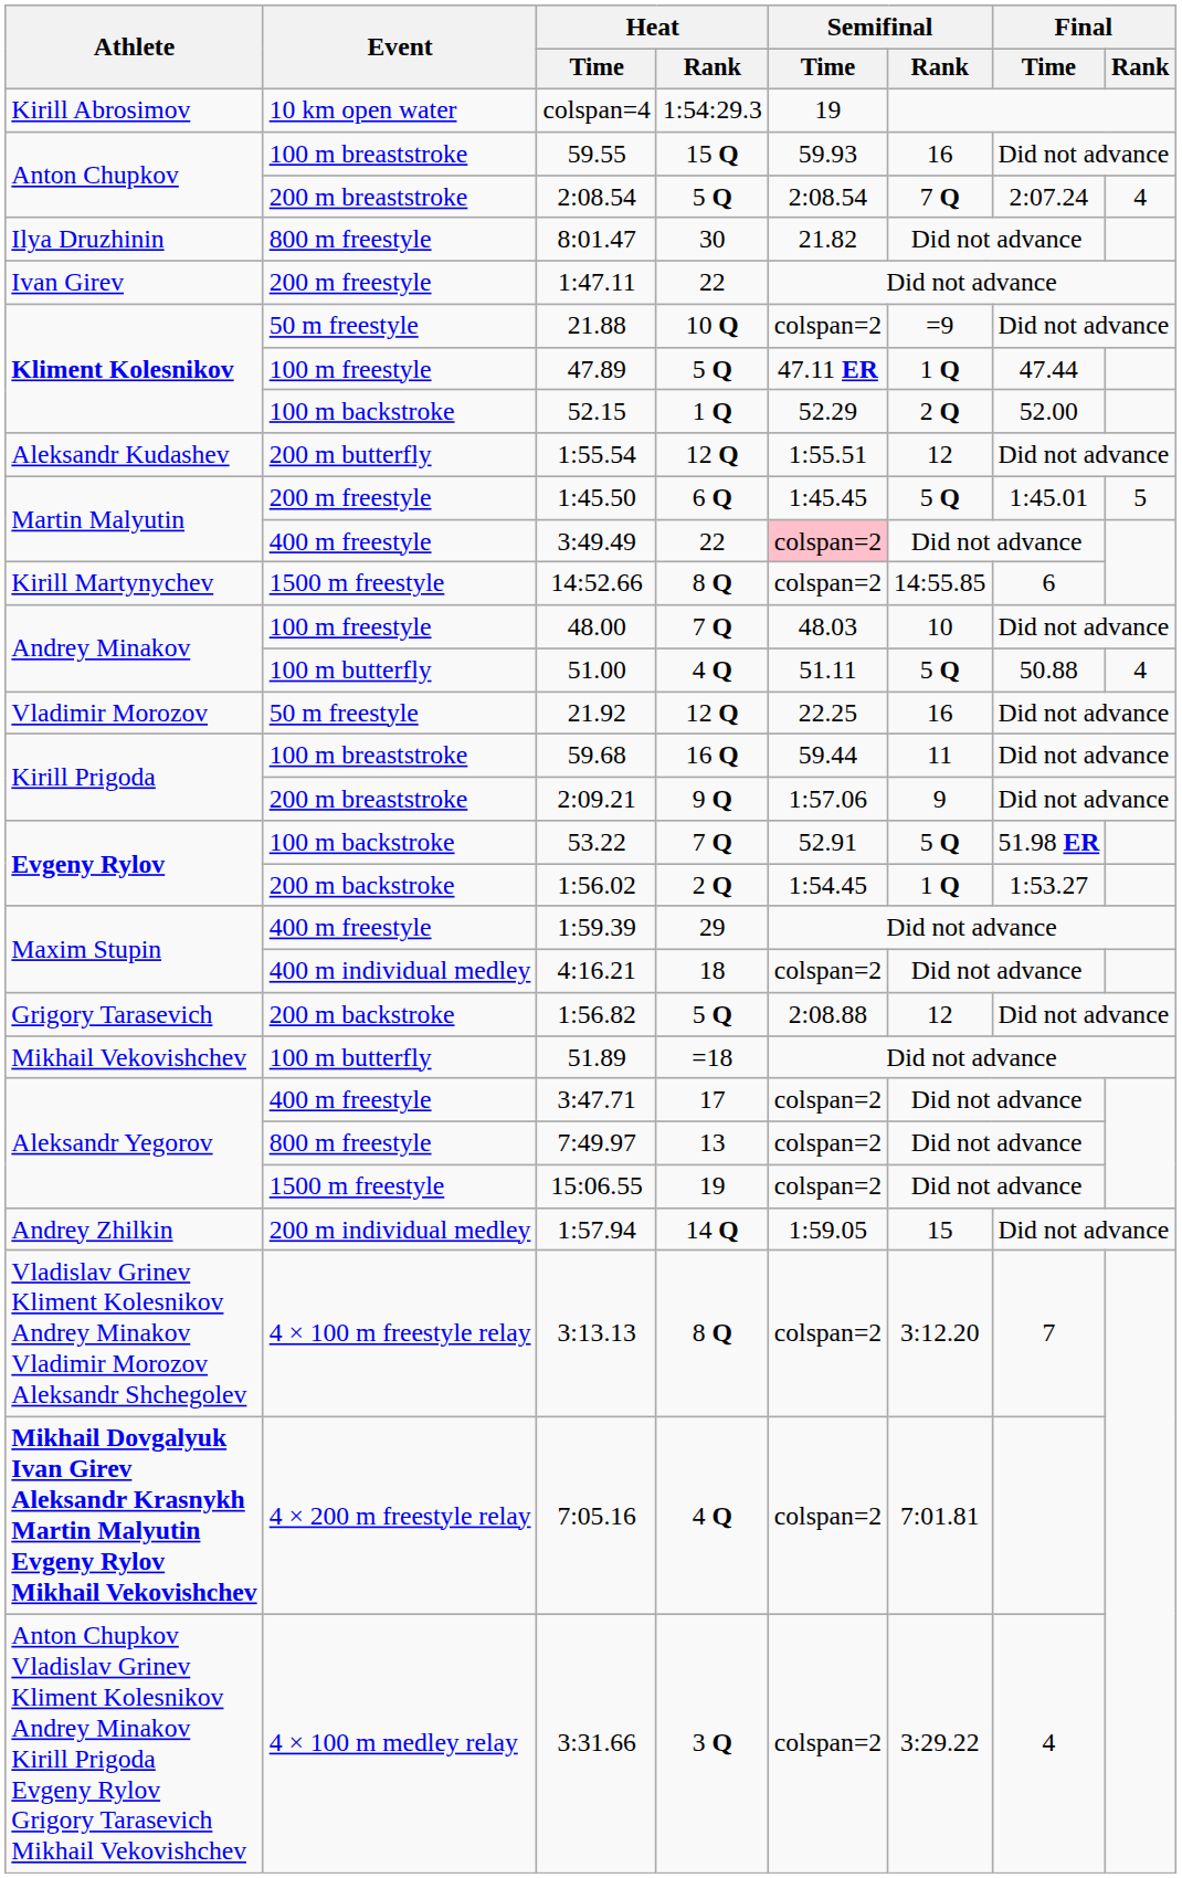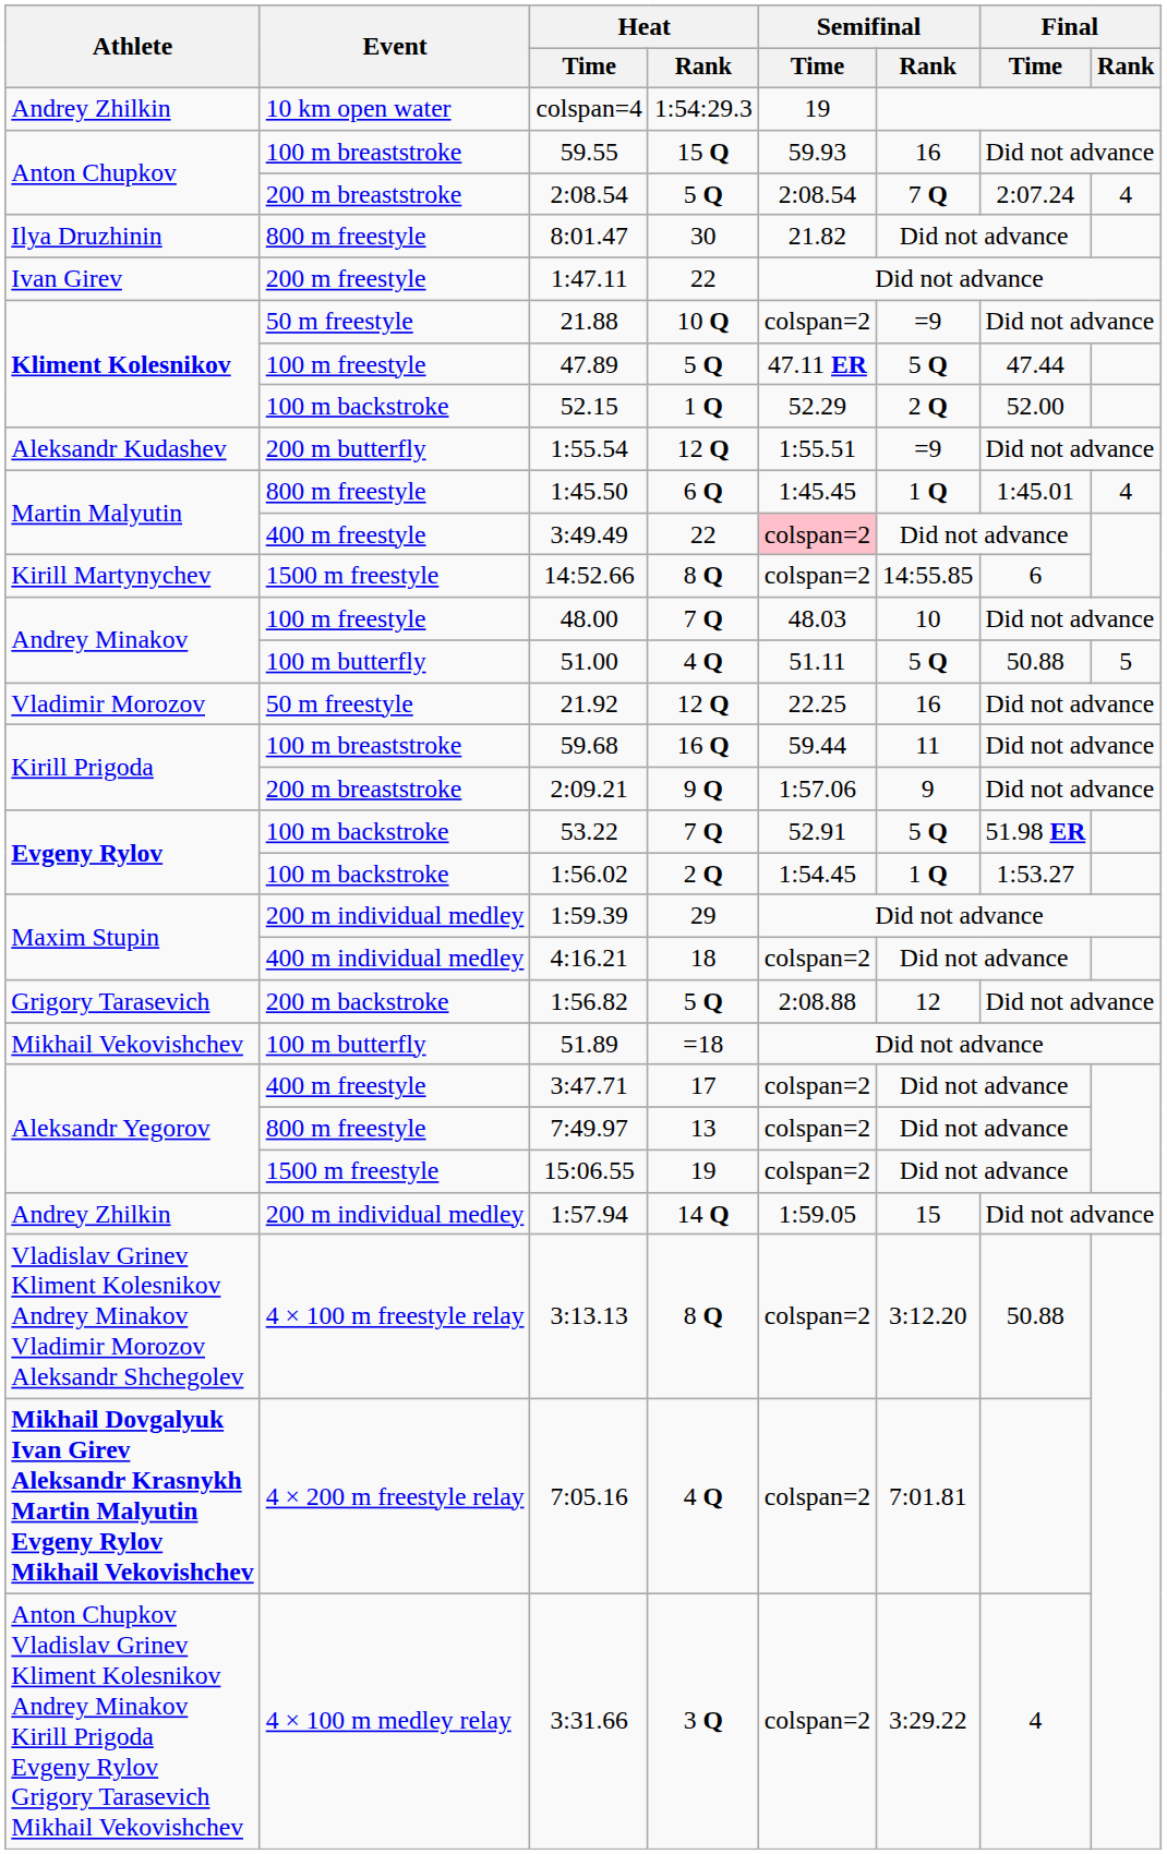 <table class=wikitable style="text-align:center; font-size:90%">
 <tr>
 <th rowspan=2>Athlete</th>
 <th rowspan=2>Event</th>
 <th colspan=2>Heat</th>
 <th colspan=2>Semifinal</th>
 <th colspan=2>Final</th>
 </tr>
 <tr style="font-size:95%">
 <th>Time</th>
 <th>Rank</th>
 <th>Time</th>
 <th>Rank</th>
 <th>Time</th>
 <th>Rank</th>
 </tr>
 <tr>
-<td align=left><a href='#'>Kirill Abrosimov</a></td>
+<td align=left><a href='#'>Andrey Zhilkin</a></td>
 <td align=left><a href='#'>10 km open water</a></td>
 <td>colspan=4 </td>
 <td>1:54:29.3</td>
 <td>19</td>
 </tr>
 <tr>
 <td align=left rowspan=2><a href='#'>Anton Chupkov</a></td>
 <td align=left><a href='#'>100 m breaststroke</a></td>
 <td>59.55</td>
 <td>15 <strong>Q</strong></td>
 <td>59.93</td>
 <td>16</td>
 <td colspan="2">Did not advance</td>
 </tr>
 <tr>
 <td align=left><a href='#'>200 m breaststroke</a></td>
 <td>2:08.54</td>
 <td>5 <strong>Q</strong></td>
 <td>2:08.54</td>
 <td>7 <strong>Q</strong></td>
 <td>2:07.24</td>
 <td>4</td>
 </tr>
 <tr>
 <td align=left><a href='#'>Ilya Druzhinin</a></td>
 <td align=left><a href='#'>800 m freestyle</a></td>
 <td>8:01.47</td>
 <td>30</td>
 <td>21.82</td>
 <td colspan="2">Did not advance</td>
 </tr>
 <tr>
 <td align=left><a href='#'>Ivan Girev</a></td>
 <td align=left><a href='#'>200 m freestyle</a></td>
 <td>1:47.11</td>
 <td>22</td>
 <td colspan="4">Did not advance</td>
 </tr>
 <tr>
 <td align=left rowspan=3><strong><a href='#'>Kliment Kolesnikov</a></strong></td>
 <td align=left><a href='#'>50 m freestyle</a></td>
 <td>21.88</td>
 <td>10 <strong>Q</strong></td>
 <td>colspan=2 </td>
 <td>=9</td>
 <td colspan="2">Did not advance</td>
 </tr>
 <tr>
 <td align=left><a href='#'>100 m freestyle</a></td>
 <td>47.89</td>
 <td>5 <strong>Q</strong></td>
 <td>47.11 <strong><a href='#'>ER</a></strong></td>
-<td>1 <strong>Q</strong></td>
+<td>5 <strong>Q</strong></td>
 <td>47.44</td>
 <td></td>
 </tr>
 <tr>
 <td align=left><a href='#'>100 m backstroke</a></td>
 <td>52.15</td>
 <td>1 <strong>Q</strong></td>
 <td>52.29</td>
 <td>2 <strong>Q</strong></td>
 <td>52.00</td>
 <td></td>
 </tr>
 <tr>
 <td align=left><a href='#'>Aleksandr Kudashev</a></td>
 <td align=left><a href='#'>200 m butterfly</a></td>
 <td>1:55.54</td>
 <td>12 <strong>Q</strong></td>
 <td>1:55.51</td>
-<td>12</td>
+<td>=9</td>
 <td colspan="2">Did not advance</td>
 </tr>
 <tr>
 <td align=left rowspan=2><a href='#'>Martin Malyutin</a></td>
-<td align=left><a href='#'>200 m freestyle</a></td>
+<td align=left><a href='#'>800 m freestyle</a></td>
 <td>1:45.50</td>
 <td>6 <strong>Q</strong></td>
 <td>1:45.45</td>
-<td>5 <strong>Q</strong></td>
+<td>1 <strong>Q</strong></td>
 <td>1:45.01</td>
-<td>5</td>
+<td>4</td>
 </tr>
 <tr>
 <td align=left><a href='#'>400 m freestyle</a></td>
 <td>3:49.49</td>
 <td>22</td>
 <td style="background: pink;">colspan=2 </td>
 <td colspan="2">Did not advance</td>
 </tr>
 <tr>
 <td align=left><a href='#'>Kirill Martynychev</a></td>
 <td align=left><a href='#'>1500 m freestyle</a></td>
 <td>14:52.66</td>
 <td>8 <strong>Q</strong></td>
 <td>colspan=2 </td>
 <td>14:55.85</td>
 <td>6</td>
 </tr>
 <tr>
 <td align=left rowspan=2><a href='#'>Andrey Minakov</a></td>
 <td align=left><a href='#'>100 m freestyle</a></td>
 <td>48.00</td>
 <td>7 <strong>Q</strong></td>
 <td>48.03</td>
 <td>10</td>
 <td colspan="2">Did not advance</td>
 </tr>
 <tr>
 <td align=left><a href='#'>100 m butterfly</a></td>
 <td>51.00</td>
 <td>4 <strong>Q</strong></td>
 <td>51.11</td>
 <td>5 <strong>Q</strong></td>
 <td>50.88</td>
-<td>4</td>
+<td>5</td>
 </tr>
 <tr>
 <td align=left><a href='#'>Vladimir Morozov</a></td>
 <td align=left><a href='#'>50 m freestyle</a></td>
 <td>21.92</td>
 <td>12 <strong>Q</strong></td>
 <td>22.25</td>
 <td>16</td>
 <td colspan="2">Did not advance</td>
 </tr>
 <tr>
 <td align=left rowspan=2><a href='#'>Kirill Prigoda</a></td>
 <td align=left><a href='#'>100 m breaststroke</a></td>
 <td>59.68</td>
 <td>16 <strong>Q</strong></td>
 <td>59.44</td>
 <td>11</td>
 <td colspan="2">Did not advance</td>
 </tr>
 <tr>
 <td align=left><a href='#'>200 m breaststroke</a></td>
 <td>2:09.21</td>
 <td>9 <strong>Q</strong></td>
 <td>1:57.06</td>
 <td>9</td>
 <td colspan="2">Did not advance</td>
 </tr>
 <tr>
 <td align=left rowspan=2><strong><a href='#'>Evgeny Rylov</a></strong></td>
 <td align=left><a href='#'>100 m backstroke</a></td>
 <td>53.22</td>
 <td>7 <strong>Q</strong></td>
 <td>52.91</td>
 <td>5 <strong>Q</strong></td>
 <td>51.98 <strong><a href='#'>ER</a></strong></td>
 <td></td>
 </tr>
 <tr>
-<td align=left><a href='#'>200 m backstroke</a></td>
+<td align=left><a href='#'>100 m backstroke</a></td>
 <td>1:56.02</td>
 <td>2 <strong>Q</strong></td>
 <td>1:54.45</td>
 <td>1 <strong>Q</strong></td>
 <td>1:53.27 </td>
 <td></td>
 </tr>
 <tr>
 <td align=left rowspan=2><a href='#'>Maxim Stupin</a></td>
-<td align=left><a href='#'>400 m freestyle</a></td>
+<td align=left><a href='#'>200 m individual medley</a></td>
 <td>1:59.39</td>
 <td>29</td>
 <td colspan="4">Did not advance</td>
 </tr>
 <tr>
 <td align=left><a href='#'>400 m individual medley</a></td>
 <td>4:16.21</td>
 <td>18</td>
 <td>colspan=2 </td>
 <td colspan="2">Did not advance</td>
 </tr>
 <tr>
 <td align=left><a href='#'>Grigory Tarasevich</a></td>
 <td align=left><a href='#'>200 m backstroke</a></td>
 <td>1:56.82</td>
 <td>5 <strong>Q</strong></td>
 <td>2:08.88</td>
 <td>12</td>
 <td colspan="2">Did not advance</td>
 </tr>
 <tr>
 <td align=left><a href='#'>Mikhail Vekovishchev</a></td>
 <td align=left><a href='#'>100 m butterfly</a></td>
 <td>51.89</td>
 <td>=18</td>
 <td colspan="4">Did not advance</td>
 </tr>
 <tr>
 <td align=left rowspan=3><a href='#'>Aleksandr Yegorov</a></td>
 <td align=left><a href='#'>400 m freestyle</a></td>
 <td>3:47.71</td>
 <td>17</td>
 <td>colspan=2 </td>
 <td colspan="2">Did not advance</td>
 </tr>
 <tr>
 <td align=left><a href='#'>800 m freestyle</a></td>
 <td>7:49.97</td>
 <td>13</td>
 <td>colspan=2 </td>
 <td colspan="2">Did not advance</td>
 </tr>
 <tr>
 <td align=left><a href='#'>1500 m freestyle</a></td>
 <td>15:06.55</td>
 <td>19</td>
 <td>colspan=2 </td>
 <td colspan="2">Did not advance</td>
 </tr>
 <tr>
 <td align=left><a href='#'>Andrey Zhilkin</a></td>
 <td align=left><a href='#'>200 m individual medley</a></td>
 <td>1:57.94</td>
 <td>14 <strong>Q</strong></td>
 <td>1:59.05</td>
 <td>15</td>
 <td colspan="2">Did not advance</td>
 </tr>
 <tr>
 <td align=left><a href='#'>Vladislav Grinev</a><br><a href='#'>Kliment Kolesnikov</a><br><a href='#'>Andrey Minakov</a><br><a href='#'>Vladimir Morozov</a><br><a href='#'>Aleksandr Shchegolev</a></td>
 <td align=left><a href='#'>4 × 100 m freestyle relay</a></td>
 <td>3:13.13</td>
 <td>8 <strong>Q</strong></td>
 <td>colspan=2 </td>
 <td>3:12.20</td>
-<td>7</td>
+<td>50.88</td>
 </tr>
 <tr>
 <td align=left><strong><a href='#'>Mikhail Dovgalyuk</a><br><a href='#'>Ivan Girev</a><br><a href='#'>Aleksandr Krasnykh</a><br><a href='#'>Martin Malyutin</a><br><a href='#'>Evgeny Rylov</a><br><a href='#'>Mikhail Vekovishchev</a></strong></td>
 <td align=left><a href='#'>4 × 200 m freestyle relay</a></td>
 <td>7:05.16</td>
 <td>4 <strong>Q</strong></td>
 <td>colspan=2 </td>
 <td>7:01.81</td>
 <td></td>
 </tr>
 <tr>
 <td align=left><a href='#'>Anton Chupkov</a><br><a href='#'>Vladislav Grinev</a><br><a href='#'>Kliment Kolesnikov</a><br><a href='#'>Andrey Minakov</a><br><a href='#'>Kirill Prigoda</a><br><a href='#'>Evgeny Rylov</a><br><a href='#'>Grigory Tarasevich</a><br><a href='#'>Mikhail Vekovishchev</a></td>
 <td align=left><a href='#'>4 × 100 m medley relay</a></td>
 <td>3:31.66</td>
 <td>3 <strong>Q</strong></td>
 <td>colspan=2 </td>
 <td>3:29.22</td>
 <td>4</td>
 </tr>
 </table>
